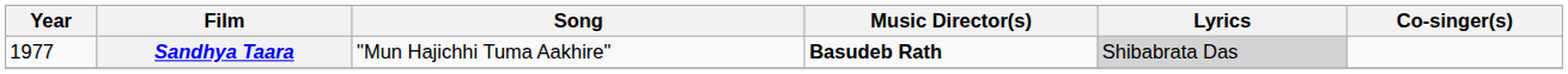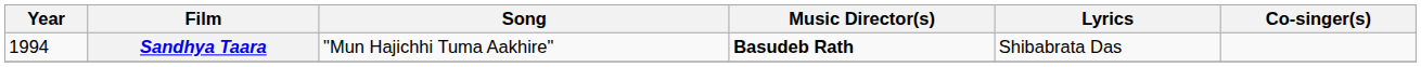 <table class="wikitable sortable" style="width:100%;">
 <tr>
 <th>Year</th>
 <th>Film</th>
 <th>Song</th>
 <th>Music Director(s)</th>
 <th>Lyrics</th>
 <th>Co-singer(s)</th>
 </tr>
 <tr>
-<td>1977</td>
+<td>1994</td>
 <th><em><a href='#'>Sandhya Taara</a></em></th>
 <td>"Mun Hajichhi Tuma Aakhire"</td>
 <td><strong>Basudeb Rath</strong></td>
-<td style="background: lightgrey;">Shibabrata Das</td>
+<td>Shibabrata Das</td>
 <td></td>
 </tr>
 <tr>
 </tr>
 </table>
